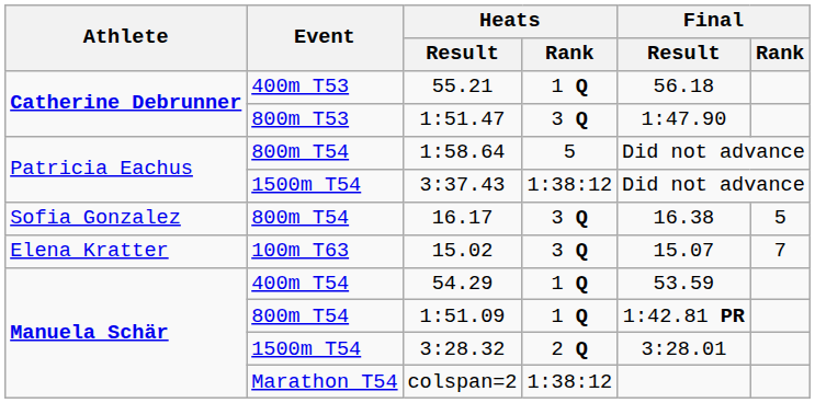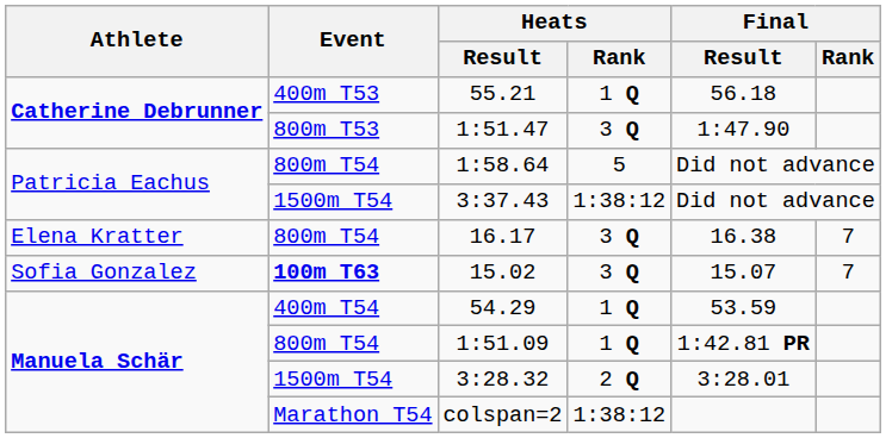 <table class=wikitable style="font-size:95%">
 <tr>
 <th rowspan="2">Athlete</th>
 <th rowspan="2">Event</th>
 <th colspan="2">Heats</th>
 <th colspan="3">Final</th>
 </tr>
 <tr>
 <th>Result</th>
 <th>Rank</th>
 <th>Result</th>
 <th>Rank</th>
 </tr>
 <tr align=center>
 <td align=left rowspan=2><strong><a href='#'>Catherine Debrunner</a></strong></td>
 <td align=left><a href='#'>400m T53</a></td>
 <td>55.21</td>
 <td>1 <strong>Q</strong></td>
 <td>56.18</td>
 <td></td>
 </tr>
 <tr align=center>
 <td align=left><a href='#'>800m T53</a></td>
 <td>1:51.47</td>
 <td>3 <strong>Q</strong></td>
 <td>1:47.90</td>
 <td></td>
 </tr>
 <tr align=center>
 <td align=left rowspan=2><a href='#'>Patricia Eachus</a></td>
 <td align=left><a href='#'>800m T54</a></td>
 <td>1:58.64</td>
 <td>5</td>
 <td colspan=2>Did not advance</td>
 </tr>
 <tr align=center>
 <td align=left><a href='#'>1500m T54</a></td>
 <td>3:37.43</td>
 <td>1:38:12</td>
 <td colspan=2>Did not advance</td>
 </tr>
 <tr align=center>
-<td align=left><a href='#'>Sofia Gonzalez</a></td>
+<td align=left><a href='#'>Elena Kratter</a></td>
 <td align=left><a href='#'>800m T54</a></td>
 <td>16.17</td>
 <td>3 <strong>Q</strong></td>
 <td>16.38</td>
-<td>5</td>
+<td>7</td>
 </tr>
 <tr align=center>
-<td align=left><a href='#'>Elena Kratter</a></td>
-<td align=left><a href='#'>100m T63</a></td>
+<td align=left><a href='#'>Sofia Gonzalez</a></td>
+<td align=left><strong><a href='#'>100m T63</a></strong></td>
 <td>15.02</td>
 <td>3 <strong>Q</strong></td>
 <td>15.07</td>
 <td>7</td>
 </tr>
 <tr align=center>
 <td align=left rowspan=4><strong><a href='#'>Manuela Schär</a></strong></td>
 <td align=left><a href='#'>400m T54</a></td>
 <td>54.29</td>
 <td>1 <strong>Q</strong></td>
 <td>53.59</td>
 <td></td>
 </tr>
 <tr align=center>
 <td align=left><a href='#'>800m T54</a></td>
 <td>1:51.09</td>
 <td>1 <strong>Q</strong></td>
 <td>1:42.81 <strong>PR</strong></td>
 <td></td>
 </tr>
 <tr align=center>
 <td align=left><a href='#'>1500m T54</a></td>
 <td>3:28.32</td>
 <td>2 <strong>Q</strong></td>
 <td>3:28.01</td>
 <td></td>
 </tr>
 <tr align=center>
 <td align=left><a href='#'>Marathon T54</a></td>
 <td>colspan=2 </td>
 <td>1:38:12</td>
 <td></td>
 </tr>
 </table>
